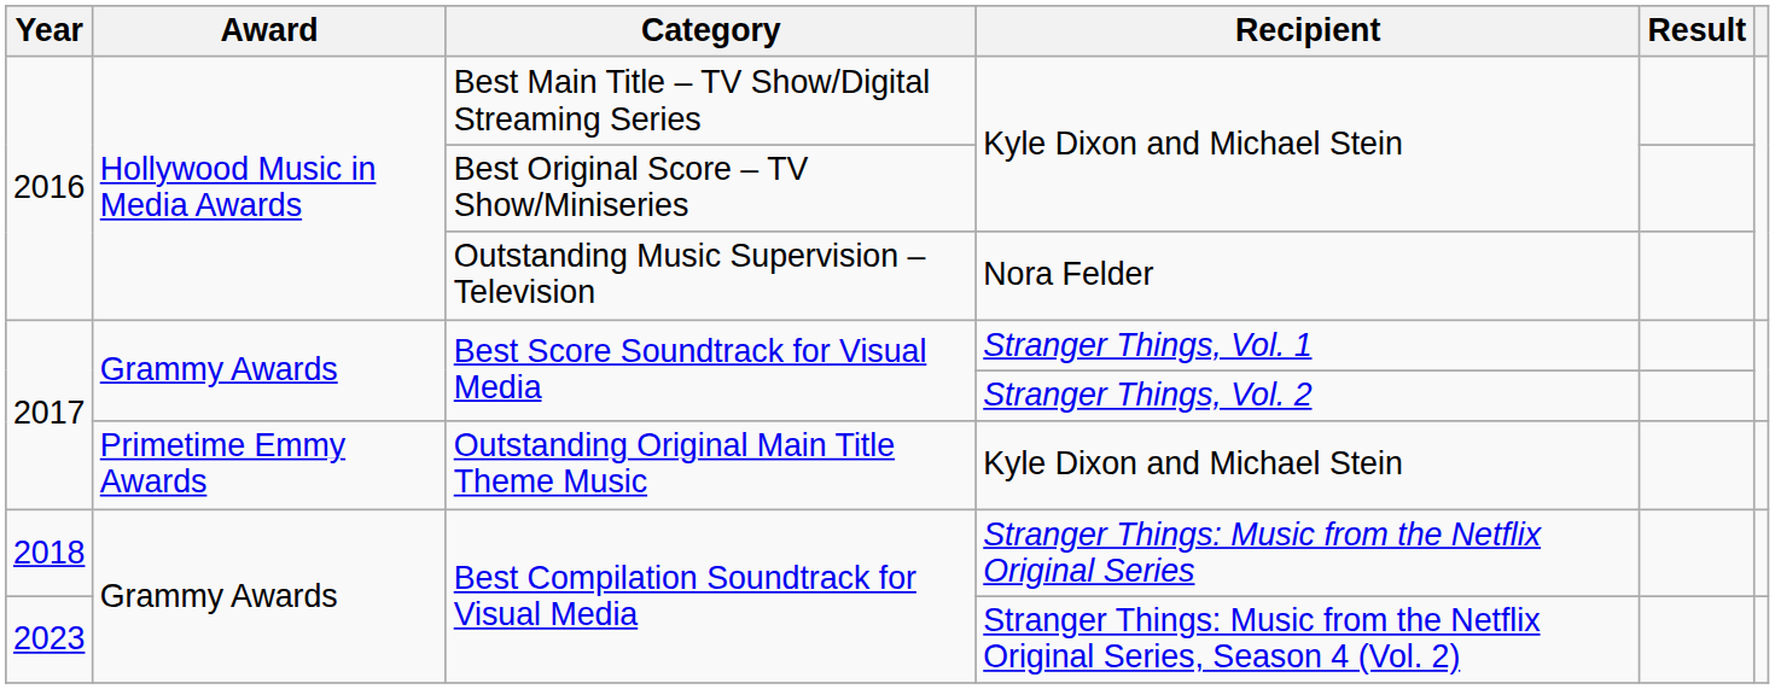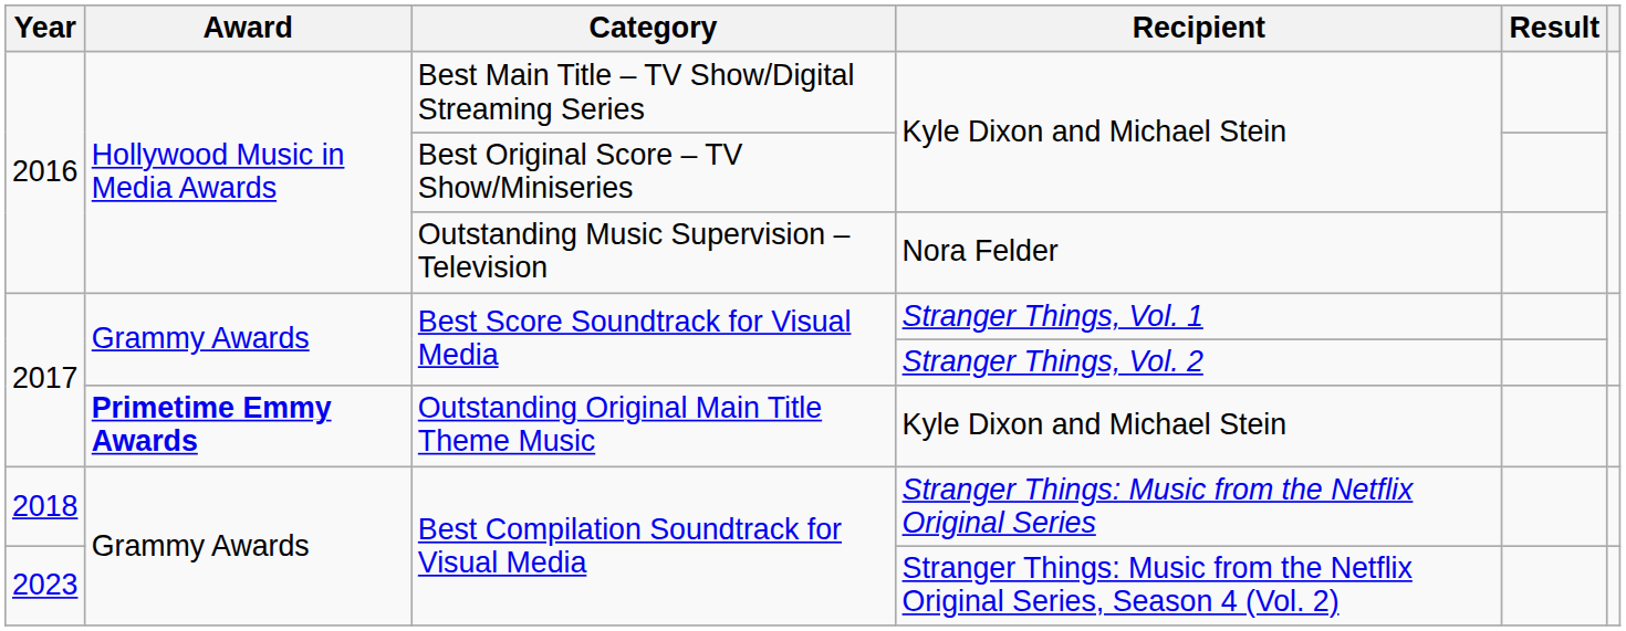 <table class="wikitable sortable" style="width: 99%;">
 <tr>
 <th scope="col">Year</th>
 <th scope="col">Award</th>
 <th scope="col">Category</th>
 <th scope="col">Recipient</th>
 <th scope="col">Result</th>
 <th scope="col" class="unsortable"></th>
 </tr>
 <tr>
 <td rowspan="3">2016</td>
 <td rowspan="3"><a href='#'>Hollywood Music in Media Awards</a></td>
 <td>Best Main Title – TV Show/Digital Streaming Series</td>
 <td rowspan="2">Kyle Dixon and Michael Stein</td>
 <td></td>
 <td style="text-align:center;" rowspan="3"></td>
 </tr>
 <tr>
 <td>Best Original Score – TV Show/Miniseries</td>
 <td></td>
 </tr>
 <tr>
 <td>Outstanding Music Supervision – Television</td>
 <td>Nora Felder</td>
 <td></td>
 </tr>
 <tr>
 <td rowspan="3">2017</td>
 <td rowspan="2"><a href='#'>Grammy Awards</a></td>
 <td rowspan="2"><a href='#'>Best Score Soundtrack for Visual Media</a></td>
 <td><em><a href='#'>Stranger Things, Vol. 1</a></em></td>
 <td></td>
 <td style="text-align:center;" rowspan="2"></td>
 </tr>
 <tr>
 <td><em><a href='#'>Stranger Things, Vol. 2</a></em></td>
 <td></td>
 </tr>
 <tr>
-<td><a href='#'>Primetime Emmy Awards</a></td>
+<td><strong><a href='#'>Primetime Emmy Awards</a></strong></td>
 <td><a href='#'>Outstanding Original Main Title Theme Music</a></td>
 <td>Kyle Dixon and Michael Stein</td>
 <td></td>
 <td style="text-align:center;"></td>
 </tr>
 <tr>
 <td><a href='#'>2018</a></td>
 <td rowspan="2">Grammy Awards</td>
 <td rowspan="2"><a href='#'>Best Compilation Soundtrack for Visual Media</a></td>
 <td><em><a href='#'>Stranger Things: Music from the Netflix Original Series</a></em></td>
 <td></td>
 <td style="text-align:center;"></td>
 </tr>
 <tr>
 <td><a href='#'>2023</a></td>
 <td><a href='#'>Stranger Things: Music from the Netflix Original Series, Season 4 (Vol. 2)</a></td>
 <td></td>
 <td></td>
 </tr>
 </table>
